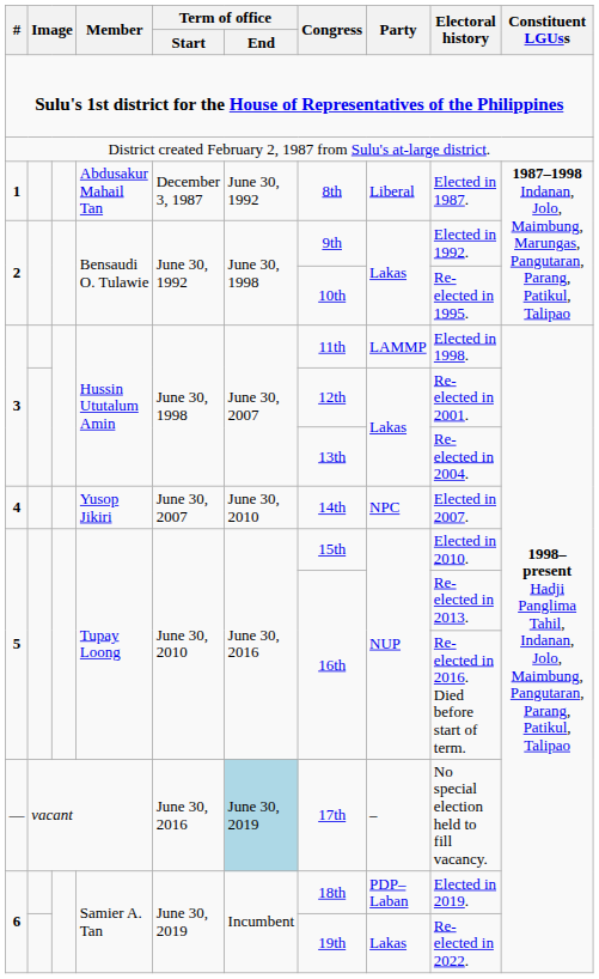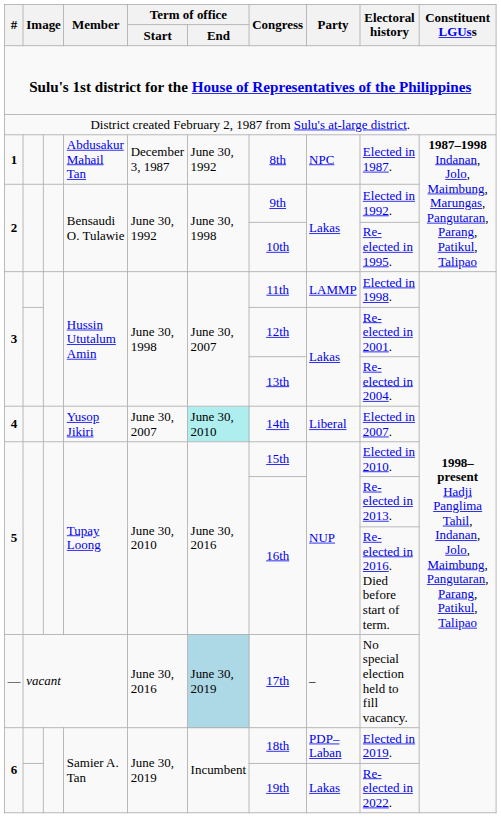 <table class=wikitable>
 <tr>
 <th rowspan="2">#</th>
 <th rowspan="2" colspan=2>Image</th>
 <th rowspan="2">Member</th>
 <th colspan=2>Term of office</th>
 <th rowspan="2">Congress</th>
 <th rowspan="2">Party</th>
 <th rowspan="2">Electoral history</th>
 <th rowspan="2">Constituent<br><a href='#'>LGUs</a>s</th>
 </tr>
 <tr>
 <th>Start</th>
 <th>End</th>
 </tr>
 <tr>
 <td colspan="10" style="text-align:center;"><br><h3>Sulu's 1st district for the <a href='#'>House of Representatives of the Philippines</a></h3></td>
 </tr>
 <tr>
 <td colspan="10" style="text-align:center;">District created February 2, 1987 from <a href='#'>Sulu's at-large district</a>.</td>
 </tr>
 <tr>
 <td style="text-align:center;"><strong>1</strong></td>
 <td style="color:inherit;background:"></td>
 <td></td>
 <td><a href='#'>Abdusakur Mahail Tan</a></td>
 <td>December 3, 1987</td>
 <td>June 30, 1992</td>
 <td style="text-align:center;"><a href='#'>8th</a></td>
-<td><a href='#'>Liberal</a></td>
+<td><a href='#'>NPC</a></td>
 <td><a href='#'>Elected in 1987</a>.</td>
 <td rowspan="3" style="text-align:center;"><strong>1987–1998</strong><br><a href='#'>Indanan</a>, <a href='#'>Jolo</a>, <a href='#'>Maimbung</a>, <a href='#'>Marungas</a>, <a href='#'>Pangutaran</a>, <a href='#'>Parang</a>, <a href='#'>Patikul</a>, <a href='#'>Talipao</a></td>
 </tr>
 <tr>
 <td rowspan="2" style="text-align:center;"><strong>2</strong></td>
 <td rowspan="2" style="color:inherit;background:"></td>
 <td rowspan="2"></td>
 <td rowspan="2">Bensaudi O. Tulawie</td>
 <td rowspan="2">June 30, 1992</td>
 <td rowspan="2">June 30, 1998</td>
 <td style="text-align:center;"><a href='#'>9th</a></td>
 <td rowspan="2"><a href='#'>Lakas</a></td>
 <td><a href='#'>Elected in 1992</a>.</td>
 </tr>
 <tr>
 <td style="text-align:center;"><a href='#'>10th</a></td>
 <td><a href='#'>Re-elected in 1995</a>.</td>
 </tr>
 <tr>
 <td rowspan="3" style="text-align:center;"><strong>3</strong></td>
 <td style="color:inherit;background:"></td>
 <td rowspan="3"></td>
 <td rowspan="3"><a href='#'>Hussin Ututalum Amin</a></td>
 <td rowspan="3">June 30, 1998</td>
 <td rowspan="3">June 30, 2007</td>
 <td style="text-align:center;"><a href='#'>11th</a></td>
 <td><a href='#'>LAMMP</a></td>
 <td><a href='#'>Elected in 1998</a>.</td>
 <td rowspan=99 style="text-align:center;"><strong>1998–present</strong><br><a href='#'>Hadji Panglima Tahil</a>, <a href='#'>Indanan</a>, <a href='#'>Jolo</a>, <a href='#'>Maimbung</a>, <a href='#'>Pangutaran</a>, <a href='#'>Parang</a>, <a href='#'>Patikul</a>, <a href='#'>Talipao</a></td>
 </tr>
 <tr>
 <td rowspan="2" style="color:inherit;background:"></td>
 <td style="text-align:center;"><a href='#'>12th</a></td>
 <td rowspan="2"><a href='#'>Lakas</a></td>
 <td><a href='#'>Re-elected in 2001</a>.</td>
 </tr>
 <tr>
 <td style="text-align:center;"><a href='#'>13th</a></td>
 <td><a href='#'>Re-elected in 2004</a>.</td>
 </tr>
 <tr>
 <td style="text-align:center;"><strong>4</strong></td>
 <td style="color:inherit;background:"></td>
 <td></td>
 <td><a href='#'>Yusop Jikiri</a></td>
 <td>June 30, 2007</td>
-<td>June 30, 2010</td>
+<td style="background: paleturquoise;">June 30, 2010</td>
 <td style="text-align:center;"><a href='#'>14th</a></td>
-<td><a href='#'>NPC</a></td>
+<td><a href='#'>Liberal</a></td>
 <td><a href='#'>Elected in 2007</a>.</td>
 </tr>
 <tr>
 <td rowspan="3" style="text-align:center;"><strong>5</strong></td>
 <td rowspan="3" style="color:inherit;background:"></td>
 <td rowspan="3"></td>
 <td rowspan="3"><a href='#'>Tupay Loong</a></td>
 <td rowspan="3">June 30, 2010</td>
 <td rowspan="3">June 30, 2016</td>
 <td style="text-align:center;"><a href='#'>15th</a></td>
 <td rowspan="3"><a href='#'>NUP</a></td>
 <td><a href='#'>Elected in 2010</a>.</td>
 </tr>
 <tr>
 <td style="text-align:center;" rowspan="2"><a href='#'>16th</a></td>
 <td><a href='#'>Re-elected in 2013</a>.</td>
 </tr>
 <tr>
 <td><a href='#'>Re-elected in 2016</a>. Died before start of term.</td>
 </tr>
 <tr>
 <td style="text-align:center;">—</td>
 <td colspan="3"><em>vacant</em></td>
 <td>June 30, 2016</td>
 <td style="background: lightblue;">June 30, 2019</td>
 <td style="text-align:center;"><a href='#'>17th</a></td>
 <td>–</td>
 <td>No special election held to fill vacancy.</td>
 </tr>
 <tr>
 <td rowspan="2" style="text-align:center;"><strong>6</strong></td>
 <td style="color:inherit;background:"></td>
 <td rowspan="2"></td>
 <td rowspan="2">Samier A. Tan</td>
 <td rowspan="2">June 30, 2019</td>
 <td rowspan="2">Incumbent</td>
 <td style="text-align:center;"><a href='#'>18th</a></td>
 <td><a href='#'>PDP–Laban</a></td>
 <td><a href='#'>Elected in 2019</a>.</td>
 </tr>
 <tr>
 <td style="color:inherit;background:"></td>
 <td style="text-align:center;"><a href='#'>19th</a></td>
 <td><a href='#'>Lakas</a></td>
 <td><a href='#'>Re-elected in 2022</a>.</td>
 </tr>
 </table>
